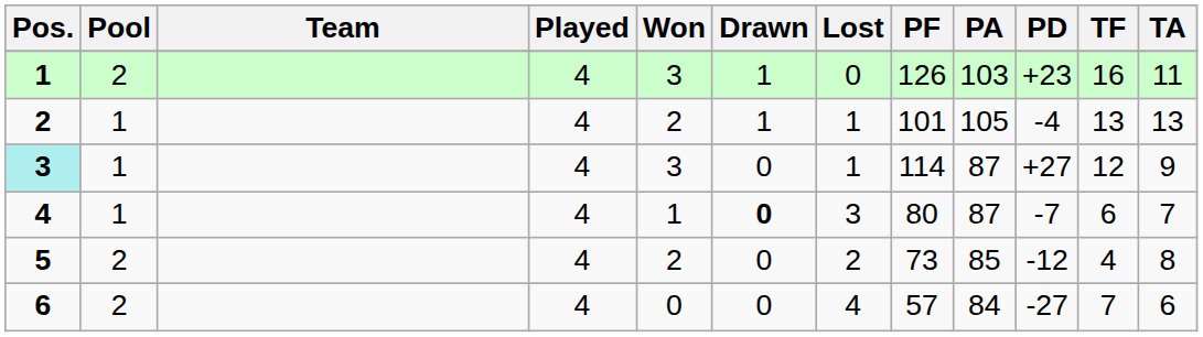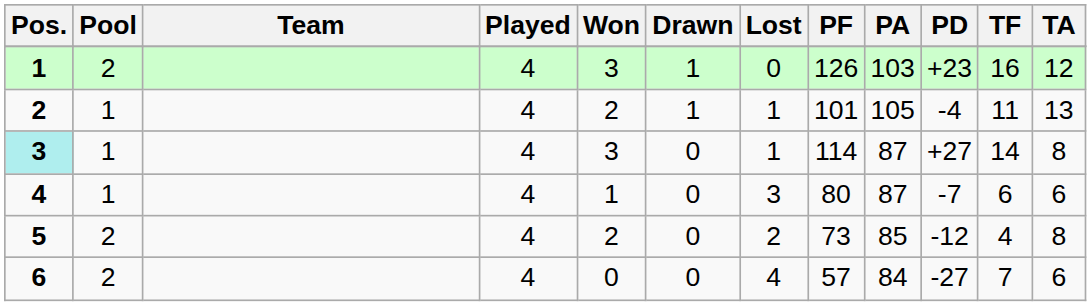 <table class="wikitable" style="text-align: center;">
 <tr>
 <th bgcolor="#efefef" width="20">Pos.</th>
 <th bgcolor="#efefef" width="25">Pool</th>
 <th bgcolor="#efefef" width="195">Team</th>
 <th bgcolor="#efefef" width="25">Played</th>
 <th bgcolor="#efefef" width="25">Won</th>
 <th bgcolor="#efefef" width="25">Drawn</th>
 <th bgcolor="#efefef" width="25">Lost</th>
 <th bgcolor="#efefef" width="25">PF</th>
 <th bgcolor="#efefef" width="25">PA</th>
 <th bgcolor="#efefef" width="25">PD</th>
 <th bgcolor="#efefef" width="25">TF</th>
 <th bgcolor="#efefef" width="25">TA</th>
 </tr>
 <tr>
 </tr>
 <tr align=center bgcolor="#ccffcc">
 <td><strong>1</strong></td>
 <td>2</td>
 <td align=left></td>
 <td>4</td>
 <td>3</td>
 <td>1</td>
 <td>0</td>
 <td>126</td>
 <td>103</td>
 <td>+23</td>
 <td>16</td>
-<td>11</td>
+<td>12</td>
 </tr>
 <tr align=center>
 <td><strong>2</strong></td>
 <td>1</td>
 <td align=left></td>
 <td>4</td>
 <td>2</td>
 <td>1</td>
 <td>1</td>
 <td>101</td>
 <td>105</td>
 <td>-4</td>
-<td>13</td>
+<td>11</td>
 <td>13</td>
 </tr>
 <tr align=center>
 <td style="background: paleturquoise;"><strong>3</strong></td>
 <td>1</td>
 <td align=left></td>
 <td>4</td>
 <td>3</td>
 <td>0</td>
 <td>1</td>
 <td>114</td>
 <td>87</td>
 <td>+27</td>
-<td>12</td>
-<td>9</td>
+<td>14</td>
+<td>8</td>
 </tr>
 <tr align=center>
 <td><strong>4</strong></td>
 <td>1</td>
 <td align=left></td>
 <td>4</td>
 <td>1</td>
-<td><strong>0</strong></td>
+<td>0</td>
 <td>3</td>
 <td>80</td>
 <td>87</td>
 <td>-7</td>
 <td>6</td>
-<td>7</td>
+<td>6</td>
 </tr>
 <tr align=center>
 <td><strong>5</strong></td>
 <td>2</td>
 <td align=left></td>
 <td>4</td>
 <td>2</td>
 <td>0</td>
 <td>2</td>
 <td>73</td>
 <td>85</td>
 <td>-12</td>
 <td>4</td>
 <td>8</td>
 </tr>
 <tr align=center>
 <td><strong>6</strong></td>
 <td>2</td>
 <td align=left></td>
 <td>4</td>
 <td>0</td>
 <td>0</td>
 <td>4</td>
 <td>57</td>
 <td>84</td>
 <td>-27</td>
 <td>7</td>
 <td>6</td>
 </tr>
 </table>
